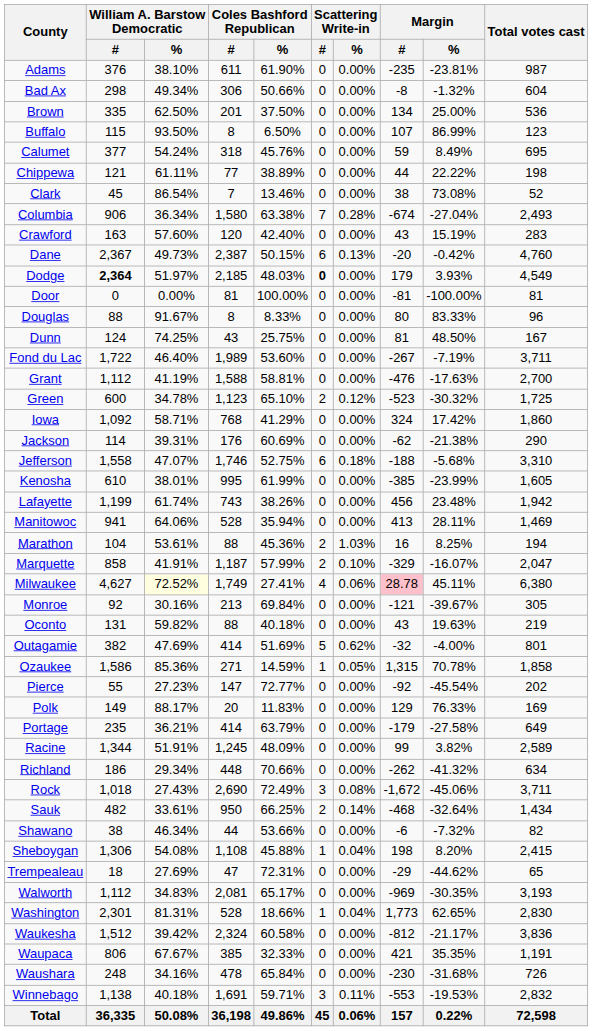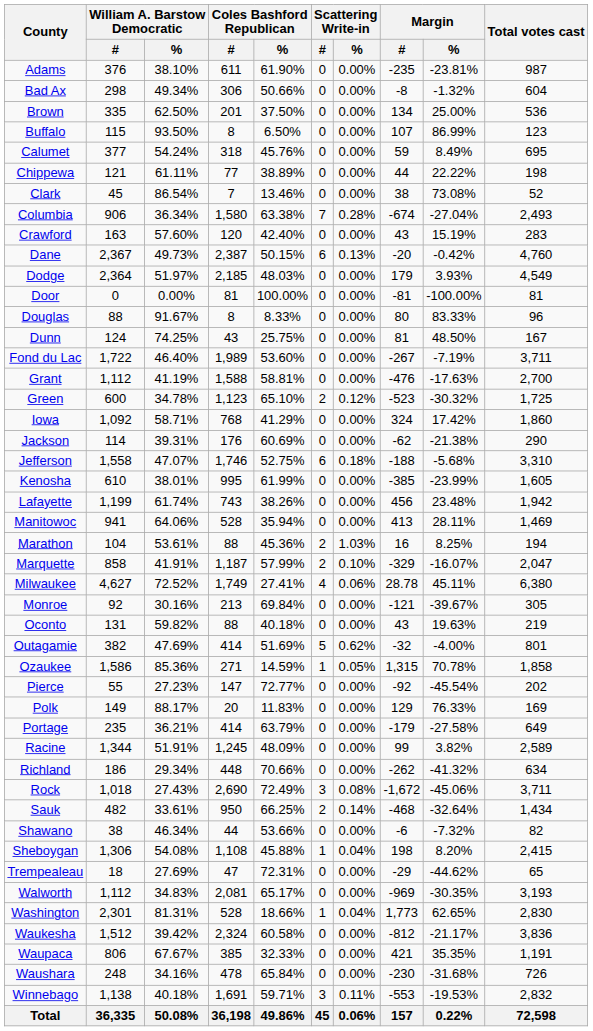 <table class="wikitable sortable" style="text-align:center">
 <tr>
 <th rowspan="2" style="text-align:center;">County</th>
 <th colspan="2" style="text-align:center;">William A. Barstow<br>Democratic</th>
 <th colspan="2" style="text-align:center;">Coles Bashford<br>Republican</th>
 <th colspan="2" style="text-align:center;">Scattering<br>Write-in</th>
 <th colspan="2" style="text-align:center;">Margin</th>
 <th rowspan="2" style="text-align:center;">Total votes cast</th>
 </tr>
 <tr>
 <th style="text-align:center;" data-sort-type="number">#</th>
 <th style="text-align:center;" data-sort-type="number">%</th>
 <th style="text-align:center;" data-sort-type="number">#</th>
 <th style="text-align:center;" data-sort-type="number">%</th>
 <th style="text-align:center;" data-sort-type="number">#</th>
 <th style="text-align:center;" data-sort-type="number">%</th>
 <th style="text-align:center;" data-sort-type="number">#</th>
 <th style="text-align:center;" data-sort-type="number">%</th>
 </tr>
 <tr style="text-align:center;">
 <td><a href='#'>Adams</a></td>
 <td>376</td>
 <td>38.10%</td>
 <td>611</td>
 <td>61.90%</td>
 <td>0</td>
 <td>0.00%</td>
 <td>-235</td>
 <td>-23.81%</td>
 <td>987</td>
 </tr>
 <tr style="text-align:center;">
 <td><a href='#'>Bad Ax</a></td>
 <td>298</td>
 <td>49.34%</td>
 <td>306</td>
 <td>50.66%</td>
 <td>0</td>
 <td>0.00%</td>
 <td>-8</td>
 <td>-1.32%</td>
 <td>604</td>
 </tr>
 <tr style="text-align:center;">
 <td><a href='#'>Brown</a></td>
 <td>335</td>
 <td>62.50%</td>
 <td>201</td>
 <td>37.50%</td>
 <td>0</td>
 <td>0.00%</td>
 <td>134</td>
 <td>25.00%</td>
 <td>536</td>
 </tr>
 <tr style="text-align:center;">
 <td><a href='#'>Buffalo</a></td>
 <td>115</td>
 <td>93.50%</td>
 <td>8</td>
 <td>6.50%</td>
 <td>0</td>
 <td>0.00%</td>
 <td>107</td>
 <td>86.99%</td>
 <td>123</td>
 </tr>
 <tr style="text-align:center;">
 <td><a href='#'>Calumet</a></td>
 <td>377</td>
 <td>54.24%</td>
 <td>318</td>
 <td>45.76%</td>
 <td>0</td>
 <td>0.00%</td>
 <td>59</td>
 <td>8.49%</td>
 <td>695</td>
 </tr>
 <tr style="text-align:center;">
 <td><a href='#'>Chippewa</a></td>
 <td>121</td>
 <td>61.11%</td>
 <td>77</td>
 <td>38.89%</td>
 <td>0</td>
 <td>0.00%</td>
 <td>44</td>
 <td>22.22%</td>
 <td>198</td>
 </tr>
 <tr style="text-align:center;">
 <td><a href='#'>Clark</a></td>
 <td>45</td>
 <td>86.54%</td>
 <td>7</td>
 <td>13.46%</td>
 <td>0</td>
 <td>0.00%</td>
 <td>38</td>
 <td>73.08%</td>
 <td>52</td>
 </tr>
 <tr style="text-align:center;">
 <td><a href='#'>Columbia</a></td>
 <td>906</td>
 <td>36.34%</td>
 <td>1,580</td>
 <td>63.38%</td>
 <td>7</td>
 <td>0.28%</td>
 <td>-674</td>
 <td>-27.04%</td>
 <td>2,493</td>
 </tr>
 <tr style="text-align:center;">
 <td><a href='#'>Crawford</a></td>
 <td>163</td>
 <td>57.60%</td>
 <td>120</td>
 <td>42.40%</td>
 <td>0</td>
 <td>0.00%</td>
 <td>43</td>
 <td>15.19%</td>
 <td>283</td>
 </tr>
 <tr style="text-align:center;">
 <td><a href='#'>Dane</a></td>
 <td>2,367</td>
 <td>49.73%</td>
 <td>2,387</td>
 <td>50.15%</td>
 <td>6</td>
 <td>0.13%</td>
 <td>-20</td>
 <td>-0.42%</td>
 <td>4,760</td>
 </tr>
 <tr style="text-align:center;">
 <td><a href='#'>Dodge</a></td>
-<td><strong>2,364</strong></td>
+<td>2,364</td>
 <td>51.97%</td>
 <td>2,185</td>
 <td>48.03%</td>
-<td><strong>0</strong></td>
+<td>0</td>
 <td>0.00%</td>
 <td>179</td>
 <td>3.93%</td>
 <td>4,549</td>
 </tr>
 <tr style="text-align:center;">
 <td><a href='#'>Door</a></td>
 <td>0</td>
 <td>0.00%</td>
 <td>81</td>
 <td>100.00%</td>
 <td>0</td>
 <td>0.00%</td>
 <td>-81</td>
 <td>-100.00%</td>
 <td>81</td>
 </tr>
 <tr style="text-align:center;">
 <td><a href='#'>Douglas</a></td>
 <td>88</td>
 <td>91.67%</td>
 <td>8</td>
 <td>8.33%</td>
 <td>0</td>
 <td>0.00%</td>
 <td>80</td>
 <td>83.33%</td>
 <td>96</td>
 </tr>
 <tr style="text-align:center;">
 <td><a href='#'>Dunn</a></td>
 <td>124</td>
 <td>74.25%</td>
 <td>43</td>
 <td>25.75%</td>
 <td>0</td>
 <td>0.00%</td>
 <td>81</td>
 <td>48.50%</td>
 <td>167</td>
 </tr>
 <tr style="text-align:center;">
 <td><a href='#'>Fond du Lac</a></td>
 <td>1,722</td>
 <td>46.40%</td>
 <td>1,989</td>
 <td>53.60%</td>
 <td>0</td>
 <td>0.00%</td>
 <td>-267</td>
 <td>-7.19%</td>
 <td>3,711</td>
 </tr>
 <tr style="text-align:center;">
 <td><a href='#'>Grant</a></td>
 <td>1,112</td>
 <td>41.19%</td>
 <td>1,588</td>
 <td>58.81%</td>
 <td>0</td>
 <td>0.00%</td>
 <td>-476</td>
 <td>-17.63%</td>
 <td>2,700</td>
 </tr>
 <tr style="text-align:center;">
 <td><a href='#'>Green</a></td>
 <td>600</td>
 <td>34.78%</td>
 <td>1,123</td>
 <td>65.10%</td>
 <td>2</td>
 <td>0.12%</td>
 <td>-523</td>
 <td>-30.32%</td>
 <td>1,725</td>
 </tr>
 <tr style="text-align:center;">
 <td><a href='#'>Iowa</a></td>
 <td>1,092</td>
 <td>58.71%</td>
 <td>768</td>
 <td>41.29%</td>
 <td>0</td>
 <td>0.00%</td>
 <td>324</td>
 <td>17.42%</td>
 <td>1,860</td>
 </tr>
 <tr style="text-align:center;">
 <td><a href='#'>Jackson</a></td>
 <td>114</td>
 <td>39.31%</td>
 <td>176</td>
 <td>60.69%</td>
 <td>0</td>
 <td>0.00%</td>
 <td>-62</td>
 <td>-21.38%</td>
 <td>290</td>
 </tr>
 <tr style="text-align:center;">
 <td><a href='#'>Jefferson</a></td>
 <td>1,558</td>
 <td>47.07%</td>
 <td>1,746</td>
 <td>52.75%</td>
 <td>6</td>
 <td>0.18%</td>
 <td>-188</td>
 <td>-5.68%</td>
 <td>3,310</td>
 </tr>
 <tr style="text-align:center;">
 <td><a href='#'>Kenosha</a></td>
 <td>610</td>
 <td>38.01%</td>
 <td>995</td>
 <td>61.99%</td>
 <td>0</td>
 <td>0.00%</td>
 <td>-385</td>
 <td>-23.99%</td>
 <td>1,605</td>
 </tr>
 <tr style="text-align:center;">
 <td><a href='#'>Lafayette</a></td>
 <td>1,199</td>
 <td>61.74%</td>
 <td>743</td>
 <td>38.26%</td>
 <td>0</td>
 <td>0.00%</td>
 <td>456</td>
 <td>23.48%</td>
 <td>1,942</td>
 </tr>
 <tr style="text-align:center;">
 <td><a href='#'>Manitowoc</a></td>
 <td>941</td>
 <td>64.06%</td>
 <td>528</td>
 <td>35.94%</td>
 <td>0</td>
 <td>0.00%</td>
 <td>413</td>
 <td>28.11%</td>
 <td>1,469</td>
 </tr>
 <tr style="text-align:center;">
 <td><a href='#'>Marathon</a></td>
 <td>104</td>
 <td>53.61%</td>
 <td>88</td>
 <td>45.36%</td>
 <td>2</td>
 <td>1.03%</td>
 <td>16</td>
 <td>8.25%</td>
 <td>194</td>
 </tr>
 <tr style="text-align:center;">
 <td><a href='#'>Marquette</a></td>
 <td>858</td>
 <td>41.91%</td>
 <td>1,187</td>
 <td>57.99%</td>
 <td>2</td>
 <td>0.10%</td>
 <td>-329</td>
 <td>-16.07%</td>
 <td>2,047</td>
 </tr>
 <tr style="text-align:center;">
 <td><a href='#'>Milwaukee</a></td>
 <td>4,627</td>
-<td style="background: lightyellow;">72.52%</td>
+<td>72.52%</td>
 <td>1,749</td>
 <td>27.41%</td>
 <td>4</td>
 <td>0.06%</td>
-<td style="background: pink;">28.78</td>
+<td>28.78</td>
 <td>45.11%</td>
 <td>6,380</td>
 </tr>
 <tr style="text-align:center;">
 <td><a href='#'>Monroe</a></td>
 <td>92</td>
 <td>30.16%</td>
 <td>213</td>
 <td>69.84%</td>
 <td>0</td>
 <td>0.00%</td>
 <td>-121</td>
 <td>-39.67%</td>
 <td>305</td>
 </tr>
 <tr style="text-align:center;">
 <td><a href='#'>Oconto</a></td>
 <td>131</td>
 <td>59.82%</td>
 <td>88</td>
 <td>40.18%</td>
 <td>0</td>
 <td>0.00%</td>
 <td>43</td>
 <td>19.63%</td>
 <td>219</td>
 </tr>
 <tr style="text-align:center;">
 <td><a href='#'>Outagamie</a></td>
 <td>382</td>
 <td>47.69%</td>
 <td>414</td>
 <td>51.69%</td>
 <td>5</td>
 <td>0.62%</td>
 <td>-32</td>
 <td>-4.00%</td>
 <td>801</td>
 </tr>
 <tr style="text-align:center;">
 <td><a href='#'>Ozaukee</a></td>
 <td>1,586</td>
 <td>85.36%</td>
 <td>271</td>
 <td>14.59%</td>
 <td>1</td>
 <td>0.05%</td>
 <td>1,315</td>
 <td>70.78%</td>
 <td>1,858</td>
 </tr>
 <tr style="text-align:center;">
 <td><a href='#'>Pierce</a></td>
 <td>55</td>
 <td>27.23%</td>
 <td>147</td>
 <td>72.77%</td>
 <td>0</td>
 <td>0.00%</td>
 <td>-92</td>
 <td>-45.54%</td>
 <td>202</td>
 </tr>
 <tr style="text-align:center;">
 <td><a href='#'>Polk</a></td>
 <td>149</td>
 <td>88.17%</td>
 <td>20</td>
 <td>11.83%</td>
 <td>0</td>
 <td>0.00%</td>
 <td>129</td>
 <td>76.33%</td>
 <td>169</td>
 </tr>
 <tr style="text-align:center;">
 <td><a href='#'>Portage</a></td>
 <td>235</td>
 <td>36.21%</td>
 <td>414</td>
 <td>63.79%</td>
 <td>0</td>
 <td>0.00%</td>
 <td>-179</td>
 <td>-27.58%</td>
 <td>649</td>
 </tr>
 <tr style="text-align:center;">
 <td><a href='#'>Racine</a></td>
 <td>1,344</td>
 <td>51.91%</td>
 <td>1,245</td>
 <td>48.09%</td>
 <td>0</td>
 <td>0.00%</td>
 <td>99</td>
 <td>3.82%</td>
 <td>2,589</td>
 </tr>
 <tr style="text-align:center;">
 <td><a href='#'>Richland</a></td>
 <td>186</td>
 <td>29.34%</td>
 <td>448</td>
 <td>70.66%</td>
 <td>0</td>
 <td>0.00%</td>
 <td>-262</td>
 <td>-41.32%</td>
 <td>634</td>
 </tr>
 <tr style="text-align:center;">
 <td><a href='#'>Rock</a></td>
 <td>1,018</td>
 <td>27.43%</td>
 <td>2,690</td>
 <td>72.49%</td>
 <td>3</td>
 <td>0.08%</td>
 <td>-1,672</td>
 <td>-45.06%</td>
 <td>3,711</td>
 </tr>
 <tr style="text-align:center;">
 <td><a href='#'>Sauk</a></td>
 <td>482</td>
 <td>33.61%</td>
 <td>950</td>
 <td>66.25%</td>
 <td>2</td>
 <td>0.14%</td>
 <td>-468</td>
 <td>-32.64%</td>
 <td>1,434</td>
 </tr>
 <tr style="text-align:center;">
 <td><a href='#'>Shawano</a></td>
 <td>38</td>
 <td>46.34%</td>
 <td>44</td>
 <td>53.66%</td>
 <td>0</td>
 <td>0.00%</td>
 <td>-6</td>
 <td>-7.32%</td>
 <td>82</td>
 </tr>
 <tr style="text-align:center;">
 <td><a href='#'>Sheboygan</a></td>
 <td>1,306</td>
 <td>54.08%</td>
 <td>1,108</td>
 <td>45.88%</td>
 <td>1</td>
 <td>0.04%</td>
 <td>198</td>
 <td>8.20%</td>
 <td>2,415</td>
 </tr>
 <tr style="text-align:center;">
 <td><a href='#'>Trempealeau</a></td>
 <td>18</td>
 <td>27.69%</td>
 <td>47</td>
 <td>72.31%</td>
 <td>0</td>
 <td>0.00%</td>
 <td>-29</td>
 <td>-44.62%</td>
 <td>65</td>
 </tr>
 <tr style="text-align:center;">
 <td><a href='#'>Walworth</a></td>
 <td>1,112</td>
 <td>34.83%</td>
 <td>2,081</td>
 <td>65.17%</td>
 <td>0</td>
 <td>0.00%</td>
 <td>-969</td>
 <td>-30.35%</td>
 <td>3,193</td>
 </tr>
 <tr style="text-align:center;">
 <td><a href='#'>Washington</a></td>
 <td>2,301</td>
 <td>81.31%</td>
 <td>528</td>
 <td>18.66%</td>
 <td>1</td>
 <td>0.04%</td>
 <td>1,773</td>
 <td>62.65%</td>
 <td>2,830</td>
 </tr>
 <tr style="text-align:center;">
 <td><a href='#'>Waukesha</a></td>
 <td>1,512</td>
 <td>39.42%</td>
 <td>2,324</td>
 <td>60.58%</td>
 <td>0</td>
 <td>0.00%</td>
 <td>-812</td>
 <td>-21.17%</td>
 <td>3,836</td>
 </tr>
 <tr style="text-align:center;">
 <td><a href='#'>Waupaca</a></td>
 <td>806</td>
 <td>67.67%</td>
 <td>385</td>
 <td>32.33%</td>
 <td>0</td>
 <td>0.00%</td>
 <td>421</td>
 <td>35.35%</td>
 <td>1,191</td>
 </tr>
 <tr style="text-align:center;">
 <td><a href='#'>Waushara</a></td>
 <td>248</td>
 <td>34.16%</td>
 <td>478</td>
 <td>65.84%</td>
 <td>0</td>
 <td>0.00%</td>
 <td>-230</td>
 <td>-31.68%</td>
 <td>726</td>
 </tr>
 <tr style="text-align:center;">
 <td><a href='#'>Winnebago</a></td>
 <td>1,138</td>
 <td>40.18%</td>
 <td>1,691</td>
 <td>59.71%</td>
 <td>3</td>
 <td>0.11%</td>
 <td>-553</td>
 <td>-19.53%</td>
 <td>2,832</td>
 </tr>
 <tr>
 <th>Total</th>
 <th>36,335</th>
 <th>50.08%</th>
 <th>36,198</th>
 <th>49.86%</th>
 <th>45</th>
 <th>0.06%</th>
 <th>157</th>
 <th>0.22%</th>
 <th>72,598</th>
 </tr>
 </table>
